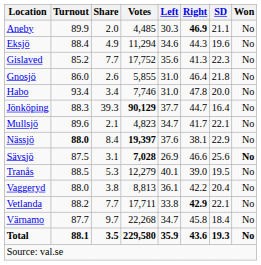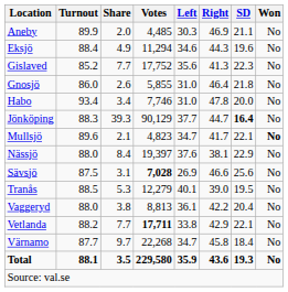 <table class="wikitable sortable" style=text-align:right>
 <tr>
 <th>Location</th>
 <th>Turnout</th>
 <th>Share</th>
 <th>Votes</th>
 <th><a href='#'>Left</a></th>
 <th><a href='#'>Right</a></th>
 <th><a href='#'>SD</a></th>
 <th>Won</th>
 </tr>
 <tr>
 <td align=left><a href='#'>Aneby</a></td>
 <td>89.9</td>
 <td>2.0</td>
 <td>4,485</td>
 <td>30.3</td>
-<td><strong>46.9</strong></td>
+<td>46.9</td>
 <td>21.1</td>
 <td>No</td>
 </tr>
 <tr>
 <td align=left><a href='#'>Eksjö</a></td>
 <td>88.4</td>
 <td>4.9</td>
 <td>11,294</td>
 <td>34.6</td>
 <td>44.3</td>
 <td>19.6</td>
 <td>No</td>
 </tr>
 <tr>
 <td align=left><a href='#'>Gislaved</a></td>
 <td>85.2</td>
 <td>7.7</td>
 <td>17,752</td>
 <td>35.6</td>
 <td>41.3</td>
 <td>22.3</td>
 <td>No</td>
 </tr>
 <tr>
 <td align=left><a href='#'>Gnosjö</a></td>
 <td>86.0</td>
 <td>2.6</td>
 <td>5,855</td>
 <td>31.0</td>
 <td>46.4</td>
 <td>21.8</td>
 <td>No</td>
 </tr>
 <tr>
 <td align=left><a href='#'>Habo</a></td>
 <td>93.4</td>
 <td>3.4</td>
 <td>7,746</td>
 <td>31.0</td>
 <td>47.8</td>
 <td>20.0</td>
 <td>No</td>
 </tr>
 <tr>
 <td align=left><a href='#'>Jönköping</a></td>
 <td>88.3</td>
 <td>39.3</td>
-<td><strong>90,129</strong></td>
+<td>90,129</td>
 <td>37.7</td>
 <td>44.7</td>
-<td>16.4</td>
+<td><strong>16.4</strong></td>
 <td>No</td>
 </tr>
 <tr>
 <td align=left><a href='#'>Mullsjö</a></td>
 <td>89.6</td>
 <td>2.1</td>
 <td>4,823</td>
 <td>34.7</td>
 <td>41.7</td>
 <td>22.1</td>
-<td>No</td>
+<td><strong>No</strong></td>
 </tr>
 <tr>
 <td align=left><a href='#'>Nässjö</a></td>
-<td><strong>88.0</strong></td>
+<td>88.0</td>
 <td>8.4</td>
-<td><strong>19,397</strong></td>
+<td>19,397</td>
 <td>37.6</td>
 <td>38.1</td>
 <td>22.9</td>
 <td>No</td>
 </tr>
 <tr>
 <td align=left><a href='#'>Sävsjö</a></td>
 <td>87.5</td>
 <td>3.1</td>
 <td><strong>7,028</strong></td>
 <td>26.9</td>
 <td>46.6</td>
 <td>25.6</td>
-<td><strong>No</strong></td>
+<td>No</td>
 </tr>
 <tr>
 <td align=left><a href='#'>Tranås</a></td>
 <td>88.5</td>
 <td>5.3</td>
 <td>12,279</td>
 <td>40.1</td>
 <td>39.0</td>
 <td>19.5</td>
 <td>No</td>
 </tr>
 <tr>
 <td align=left><a href='#'>Vaggeryd</a></td>
 <td>88.0</td>
 <td>3.8</td>
 <td>8,813</td>
 <td>36.1</td>
 <td>42.2</td>
 <td>20.4</td>
 <td>No</td>
 </tr>
 <tr>
 <td align=left><a href='#'>Vetlanda</a></td>
 <td>88.2</td>
 <td>7.7</td>
-<td>17,711</td>
+<td><strong>17,711</strong></td>
 <td>33.8</td>
-<td><strong>42.9</strong></td>
+<td>42.9</td>
 <td>22.1</td>
 <td>No</td>
 </tr>
 <tr>
 <td align=left><a href='#'>Värnamo</a></td>
 <td>87.7</td>
 <td>9.7</td>
 <td>22,268</td>
 <td>34.7</td>
 <td>45.8</td>
 <td>18.4</td>
 <td>No</td>
 </tr>
 <tr>
 <td align=left><strong>Total</strong></td>
 <td><strong>88.1</strong></td>
 <td><strong>3.5</strong></td>
 <td><strong>229,580</strong></td>
 <td><strong>35.9</strong></td>
 <td><strong>43.6</strong></td>
 <td><strong>19.3</strong></td>
 <td><strong>No</strong></td>
 </tr>
 <tr>
 <td align=left colspan=8>Source: val.se</td>
 </tr>
 </table>
